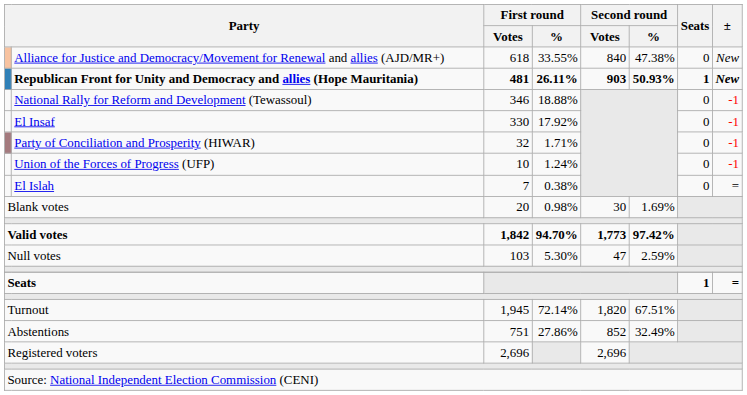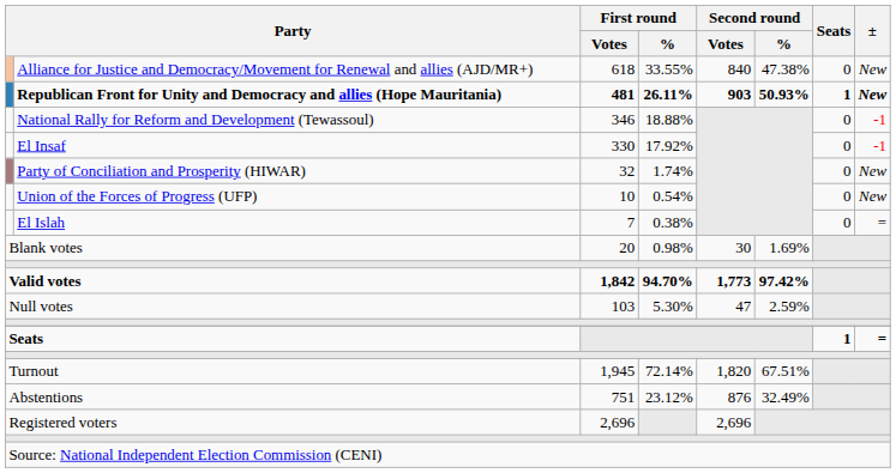 <table class="wikitable" style="text-align:right;font-size:95%;">
 <tr>
 <th rowspan="2" colspan="2" width="700">Party</th>
 <th colspan="2">First round</th>
 <th colspan="2">Second round</th>
 <th rowspan="2" width="25">Seats</th>
 <th rowspan="2" width="20">±</th>
 </tr>
 <tr>
 <th width="50">Votes</th>
 <th width="50">%</th>
 <th width="50">Votes</th>
 <th width="50">%</th>
 </tr>
 <tr>
 <td width="1" style="color:inherit;background:#F8C3A0;"></td>
 <td style="text-align:left;"><a href='#'>Alliance for Justice and Democracy/Movement for Renewal</a> and <a href='#'>allies</a> (AJD/MR+)</td>
 <td>618</td>
 <td>33.55%</td>
 <td>840</td>
 <td>47.38%</td>
 <td>0</td>
 <td><em>New</em></td>
 </tr>
 <tr>
 <td width="1" style="color:inherit;background:#3080B7;"></td>
 <td style="text-align:left;"><strong>Republican Front for Unity and Democracy and <a href='#'>allies</a> (Hope Mauritania)</strong></td>
 <td><strong>481</strong></td>
 <td><strong>26.11%</strong></td>
 <td><strong>903</strong></td>
 <td><strong>50.93%</strong></td>
 <td><strong>1</strong></td>
 <td><strong><em>New</em></strong></td>
 </tr>
 <tr>
 <td width="1" style="color:inherit;background:"></td>
 <td style="text-align:left;"><a href='#'>National Rally for Reform and Development</a> (Tewassoul)</td>
 <td>346</td>
 <td>18.88%</td>
 <td colspan="2" rowspan="5" style="background:#E9E9E9;"></td>
 <td>0</td>
 <td style="color:red;">-1</td>
 </tr>
 <tr>
 <td width="1" style="color:inherit;background:"></td>
 <td style="text-align:left;"><a href='#'>El Insaf</a></td>
 <td>330</td>
 <td>17.92%</td>
 <td>0</td>
 <td style="color:red;">-1</td>
 </tr>
 <tr>
 <td width="1" style="color:inherit;background:#A47A7E;"></td>
 <td style="text-align:left;"><a href='#'>Party of Conciliation and Prosperity</a> (HIWAR)</td>
 <td>32</td>
-<td>1.71%</td>
+<td>1.74%</td>
 <td>0</td>
-<td style="color:red;">-1</td>
+<td><em>New</em></td>
 </tr>
 <tr>
 <td width="1" style="color:inherit;background:"></td>
 <td style="text-align:left;"><a href='#'>Union of the Forces of Progress</a> (UFP)</td>
 <td>10</td>
-<td>1.24%</td>
+<td>0.54%</td>
 <td>0</td>
-<td style="color:red;">-1</td>
+<td><em>New</em></td>
 </tr>
 <tr>
 <td width="1" style="color:inherit;background:"></td>
 <td style="text-align:left;"><a href='#'>El Islah</a></td>
 <td>7</td>
 <td>0.38%</td>
 <td>0</td>
 <td>=</td>
 </tr>
 <tr>
 <td colspan="2" style="text-align:left;">Blank votes</td>
 <td>20</td>
 <td>0.98%</td>
 <td>30</td>
 <td>1.69%</td>
 <td colspan="2" style="background:#E9E9E9;"></td>
 </tr>
 <tr>
 <td colspan="8" style="background:#E9E9E9;"></td>
 </tr>
 <tr style="font-weight:bold;">
 <td colspan="2" style="text-align:left;">Valid votes</td>
 <td>1,842</td>
 <td>94.70%</td>
 <td>1,773</td>
 <td>97.42%</td>
 <td colspan="2" style="background:#E9E9E9;"></td>
 </tr>
 <tr>
 <td colspan="2" style="text-align:left;">Null votes</td>
 <td>103</td>
 <td>5.30%</td>
 <td>47</td>
 <td>2.59%</td>
 <td colspan="2" style="background:#E9E9E9;"></td>
 </tr>
 <tr>
 <td colspan="8" style="background:#E9E9E9;"></td>
 </tr>
 <tr>
 </tr>
 <tr style="font-weight:bold;">
 <td colspan="2" style="text-align:left;">Seats</td>
 <td colspan="4" style="background:#E9E9E9;"></td>
 <td>1</td>
 <td>=</td>
 </tr>
 <tr>
 <td colspan="8" style="background:#E9E9E9;"></td>
 </tr>
 <tr>
 <td colspan="2" style="text-align:left;">Turnout</td>
 <td>1,945</td>
 <td>72.14%</td>
 <td>1,820</td>
 <td>67.51%</td>
 <td colspan="2" style="background:#E9E9E9;"></td>
 </tr>
 <tr>
 <td colspan="2" style="text-align:left;">Abstentions</td>
 <td>751</td>
-<td>27.86%</td>
-<td>852</td>
+<td>23.12%</td>
+<td>876</td>
 <td>32.49%</td>
 <td colspan="2" style="background:#E9E9E9;"></td>
 </tr>
 <tr>
 <td colspan="2" style="text-align:left;">Registered voters</td>
 <td>2,696</td>
 <td style="color:inherit;background:#E9E9E9;"></td>
 <td>2,696</td>
 <td colspan="3" style="background:#E9E9E9;"></td>
 </tr>
 <tr>
 <td colspan="8" style="background:#E9E9E9;"></td>
 </tr>
 <tr>
 <td colspan="8" style="text-align:left;">Source: <a href='#'>National Independent Election Commission</a> (CENI)</td>
 </tr>
 </table>
